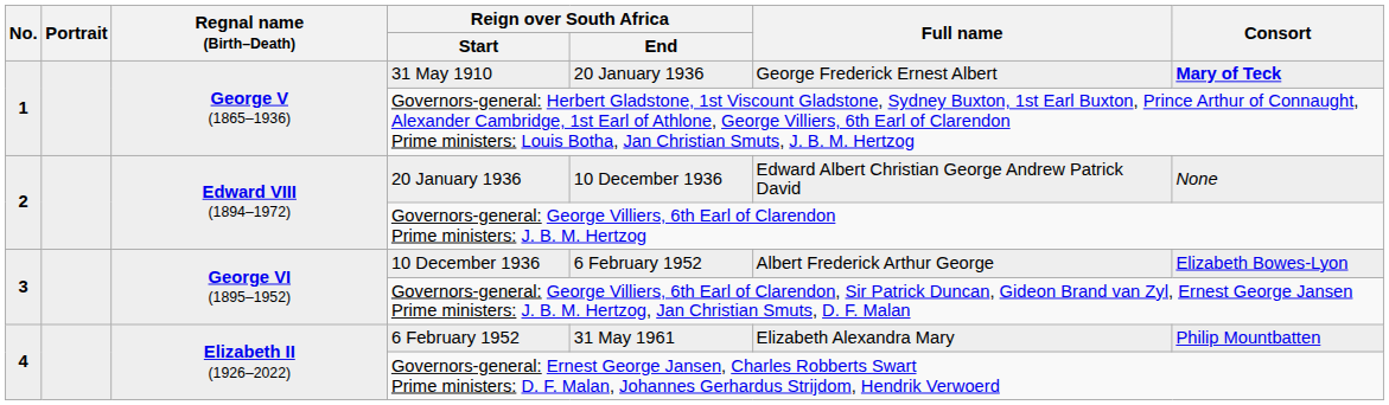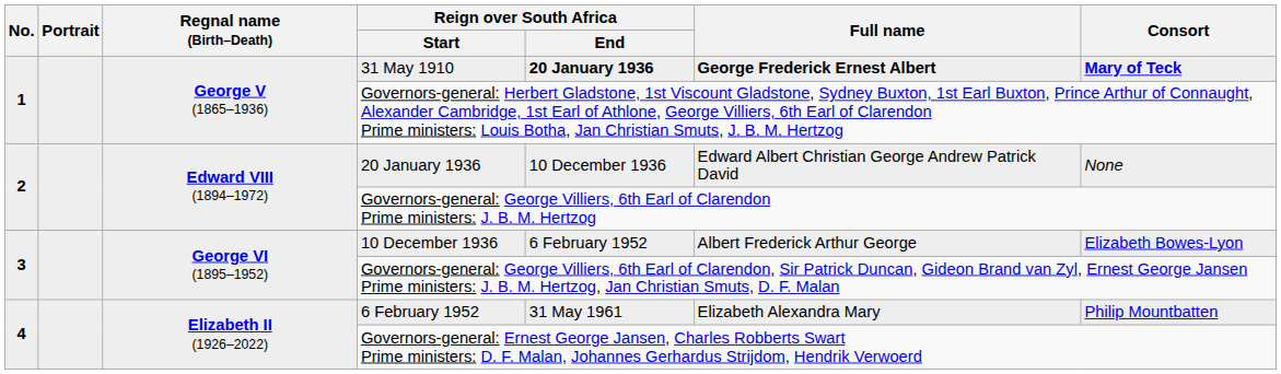 <table class="wikitable" style="width:100%;">
 <tr>
 <th rowspan="2">No.</th>
 <th rowspan="2">Portrait</th>
 <th rowspan="2" style="width:20%;">Regnal name<br><small>(Birth–Death)</small></th>
 <th colspan=2>Reign over South Africa</th>
 <th rowspan="2">Full name</th>
 <th rowspan="2">Consort</th>
 </tr>
 <tr>
 <th>Start</th>
 <th>End</th>
 </tr>
 <tr style="background:#eee;">
 <td rowspan="2" style="text-align:center;"><strong>1</strong></td>
 <td rowspan="2" style="text-align:center;"></td>
 <td rowspan="2" style="text-align:center;"><strong><a href='#'>George V</a></strong><br><small>(1865–1936)</small></td>
 <td>31 May 1910</td>
-<td>20 January 1936</td>
-<td>George Frederick Ernest Albert</td>
+<td><strong>20 January 1936</strong></td>
+<td><strong>George Frederick Ernest Albert</strong></td>
 <td><strong><a href='#'>Mary of Teck</a></strong></td>
 </tr>
 <tr>
 <td colspan=4><u>Governors-general:</u> <a href='#'>Herbert Gladstone, 1st Viscount Gladstone</a>, <a href='#'>Sydney Buxton, 1st Earl Buxton</a>, <a href='#'>Prince Arthur of Connaught</a>, <a href='#'>Alexander Cambridge, 1st Earl of Athlone</a>, <a href='#'>George Villiers, 6th Earl of Clarendon</a><br><u>Prime ministers:</u> <a href='#'>Louis Botha</a>, <a href='#'>Jan Christian Smuts</a>, <a href='#'>J. B. M. Hertzog</a></td>
 </tr>
 <tr style="background:#eee;">
 <td rowspan="2" style="text-align:center;"><strong>2</strong></td>
 <td rowspan="2" style="text-align:center;"></td>
 <td rowspan="2" style="text-align:center;"><strong><a href='#'>Edward VIII</a></strong><br><small>(1894–1972)</small></td>
 <td>20 January 1936</td>
 <td>10 December 1936</td>
 <td>Edward Albert Christian George Andrew Patrick David</td>
 <td><em>None</em></td>
 </tr>
 <tr>
 <td colspan=4><u>Governors-general:</u> <a href='#'>George Villiers, 6th Earl of Clarendon</a><br><u>Prime ministers:</u> <a href='#'>J. B. M. Hertzog</a></td>
 </tr>
 <tr style="background:#eee;">
 <td rowspan="2" style="text-align:center;"><strong>3</strong></td>
 <td rowspan="2" style="text-align:center;"></td>
 <td rowspan="2" style="text-align:center;"><strong><a href='#'>George VI</a></strong><br><small>(1895–1952)</small></td>
 <td>10 December 1936</td>
 <td>6 February 1952</td>
 <td>Albert Frederick Arthur George</td>
 <td><a href='#'>Elizabeth Bowes-Lyon</a></td>
 </tr>
 <tr>
 <td colspan=4><u>Governors-general:</u> <a href='#'>George Villiers, 6th Earl of Clarendon</a>, <a href='#'>Sir Patrick Duncan</a>, <a href='#'>Gideon Brand van Zyl</a>, <a href='#'>Ernest George Jansen</a><br><u>Prime ministers:</u> <a href='#'>J. B. M. Hertzog</a>, <a href='#'>Jan Christian Smuts</a>, <a href='#'>D. F. Malan</a></td>
 </tr>
 <tr style="background:#eee;">
 <td rowspan="2" style="text-align:center;"><strong>4</strong></td>
 <td rowspan="2" style="text-align:center;"></td>
 <td rowspan="2" style="text-align:center;"><strong><a href='#'>Elizabeth II</a></strong><br><small>(1926–2022)</small></td>
 <td>6 February 1952</td>
 <td>31 May 1961</td>
 <td>Elizabeth Alexandra Mary</td>
 <td><a href='#'>Philip Mountbatten</a></td>
 </tr>
 <tr>
 <td colspan=4><u>Governors-general:</u> <a href='#'>Ernest George Jansen</a>, <a href='#'>Charles Robberts Swart</a><br><u>Prime ministers:</u> <a href='#'>D. F. Malan</a>, <a href='#'>Johannes Gerhardus Strijdom</a>, <a href='#'>Hendrik Verwoerd</a></td>
 </tr>
 </table>
